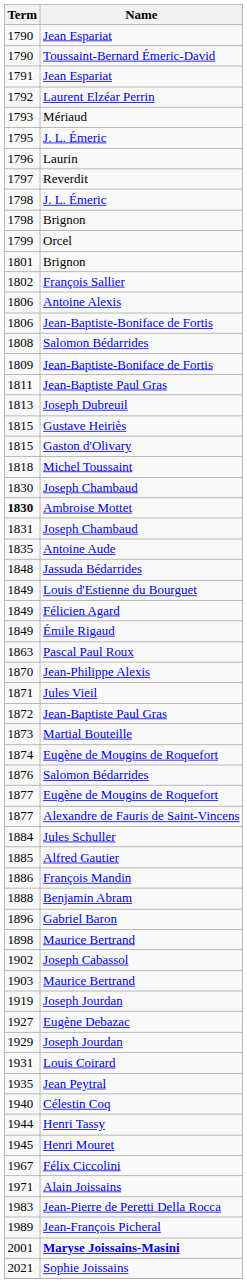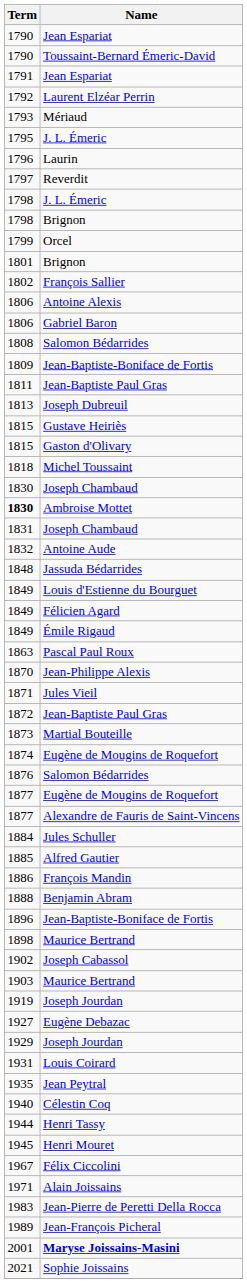 <table class="wikitable">
 <tr>
 <th>Term</th>
 <th>Name</th>
 </tr>
 <tr>
 <td>1790</td>
 <td><a href='#'>Jean Espariat</a></td>
 </tr>
 <tr>
 <td>1790</td>
 <td><a href='#'>Toussaint-Bernard Émeric-David</a></td>
 </tr>
 <tr>
 <td>1791</td>
 <td><a href='#'>Jean Espariat</a></td>
 </tr>
 <tr>
 <td>1792</td>
 <td><a href='#'>Laurent Elzéar Perrin</a></td>
 </tr>
 <tr>
 <td>1793</td>
 <td>Mériaud</td>
 </tr>
 <tr>
 <td>1795</td>
 <td><a href='#'>J. L. Émeric</a></td>
 </tr>
 <tr>
 <td>1796</td>
 <td>Laurin</td>
 </tr>
 <tr>
 <td>1797</td>
 <td>Reverdit</td>
 </tr>
 <tr>
 <td>1798</td>
 <td><a href='#'>J. L. Émeric</a></td>
 </tr>
 <tr>
 <td>1798</td>
 <td>Brignon</td>
 </tr>
 <tr>
 <td>1799</td>
 <td>Orcel</td>
 </tr>
 <tr>
 <td>1801</td>
 <td>Brignon</td>
 </tr>
 <tr>
 <td>1802</td>
 <td><a href='#'>François Sallier</a></td>
 </tr>
 <tr>
 <td>1806</td>
 <td><a href='#'>Antoine Alexis</a></td>
 </tr>
 <tr>
 <td>1806</td>
-<td><a href='#'>Jean-Baptiste-Boniface de Fortis</a></td>
+<td><a href='#'>Gabriel Baron</a></td>
 </tr>
 <tr>
 <td>1808</td>
 <td><a href='#'>Salomon Bédarrides</a></td>
 </tr>
 <tr>
 <td>1809</td>
 <td><a href='#'>Jean-Baptiste-Boniface de Fortis</a></td>
 </tr>
 <tr>
 <td>1811</td>
 <td><a href='#'>Jean-Baptiste Paul Gras</a></td>
 </tr>
 <tr>
 <td>1813</td>
 <td><a href='#'>Joseph Dubreuil</a></td>
 </tr>
 <tr>
 <td>1815</td>
 <td><a href='#'>Gustave Heiriès</a></td>
 </tr>
 <tr>
 <td>1815</td>
 <td><a href='#'>Gaston d'Olivary</a></td>
 </tr>
 <tr>
 <td>1818</td>
 <td><a href='#'>Michel Toussaint</a></td>
 </tr>
 <tr>
 <td>1830</td>
 <td><a href='#'>Joseph Chambaud</a></td>
 </tr>
 <tr>
 <td><strong>1830</strong></td>
 <td><a href='#'>Ambroise Mottet</a></td>
 </tr>
 <tr>
 <td>1831</td>
 <td><a href='#'>Joseph Chambaud</a></td>
 </tr>
 <tr>
-<td>1835</td>
+<td>1832</td>
 <td><a href='#'>Antoine Aude</a></td>
 </tr>
 <tr>
 <td>1848</td>
 <td><a href='#'>Jassuda Bédarrides</a></td>
 </tr>
 <tr>
 <td>1849</td>
 <td><a href='#'>Louis d'Estienne du Bourguet</a></td>
 </tr>
 <tr>
 <td>1849</td>
 <td><a href='#'>Félicien Agard</a></td>
 </tr>
 <tr>
 <td>1849</td>
 <td><a href='#'>Émile Rigaud</a></td>
 </tr>
 <tr>
 <td>1863</td>
 <td><a href='#'>Pascal Paul Roux</a></td>
 </tr>
 <tr>
 <td>1870</td>
 <td><a href='#'>Jean-Philippe Alexis</a></td>
 </tr>
 <tr>
 <td>1871</td>
 <td><a href='#'>Jules Vieil</a></td>
 </tr>
 <tr>
 <td>1872</td>
 <td><a href='#'>Jean-Baptiste Paul Gras</a></td>
 </tr>
 <tr>
 <td>1873</td>
 <td><a href='#'>Martial Bouteille</a></td>
 </tr>
 <tr>
 <td>1874</td>
 <td><a href='#'>Eugène de Mougins de Roquefort</a></td>
 </tr>
 <tr>
 <td>1876</td>
 <td><a href='#'>Salomon Bédarrides</a></td>
 </tr>
 <tr>
 <td>1877</td>
 <td><a href='#'>Eugène de Mougins de Roquefort</a></td>
 </tr>
 <tr>
 <td>1877</td>
 <td><a href='#'>Alexandre de Fauris de Saint-Vincens</a></td>
 </tr>
 <tr>
 <td>1884</td>
 <td><a href='#'>Jules Schuller</a></td>
 </tr>
 <tr>
 <td>1885</td>
 <td><a href='#'>Alfred Gautier</a></td>
 </tr>
 <tr>
 <td>1886</td>
 <td><a href='#'>François Mandin</a></td>
 </tr>
 <tr>
 <td>1888</td>
 <td><a href='#'>Benjamin Abram</a></td>
 </tr>
 <tr>
 <td>1896</td>
-<td><a href='#'>Gabriel Baron</a></td>
+<td><a href='#'>Jean-Baptiste-Boniface de Fortis</a></td>
 </tr>
 <tr>
 <td>1898</td>
 <td><a href='#'>Maurice Bertrand</a></td>
 </tr>
 <tr>
 <td>1902</td>
 <td><a href='#'>Joseph Cabassol</a></td>
 </tr>
 <tr>
 <td>1903</td>
 <td><a href='#'>Maurice Bertrand</a></td>
 </tr>
 <tr>
 <td>1919</td>
 <td><a href='#'>Joseph Jourdan</a></td>
 </tr>
 <tr>
 <td>1927</td>
 <td><a href='#'>Eugène Debazac</a></td>
 </tr>
 <tr>
 <td>1929</td>
 <td><a href='#'>Joseph Jourdan</a></td>
 </tr>
 <tr>
 <td>1931</td>
 <td><a href='#'>Louis Coirard</a></td>
 </tr>
 <tr>
 <td>1935</td>
 <td><a href='#'>Jean Peytral</a></td>
 </tr>
 <tr>
 <td>1940</td>
 <td><a href='#'>Célestin Coq</a></td>
 </tr>
 <tr>
 <td>1944</td>
 <td><a href='#'>Henri Tassy</a></td>
 </tr>
 <tr>
 <td>1945</td>
 <td><a href='#'>Henri Mouret</a></td>
 </tr>
 <tr>
 <td>1967</td>
 <td><a href='#'>Félix Ciccolini</a></td>
 </tr>
 <tr>
 <td>1971</td>
 <td><a href='#'>Alain Joissains</a></td>
 </tr>
 <tr>
 <td>1983</td>
 <td><a href='#'>Jean-Pierre de Peretti Della Rocca</a></td>
 </tr>
 <tr>
 <td>1989</td>
 <td><a href='#'>Jean-François Picheral</a></td>
 </tr>
 <tr>
 <td>2001</td>
 <td><strong><a href='#'>Maryse Joissains-Masini</a></strong></td>
 </tr>
 <tr>
 <td>2021</td>
 <td><a href='#'>Sophie Joissains</a></td>
 </tr>
 <tr>
 </tr>
 </table>
